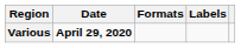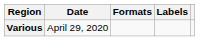 <table class="wikitable plainrowheaders">
 <tr>
 <th scope="col">Region</th>
 <th scope="col">Date</th>
 <th scope="col">Formats</th>
 <th scope="col">Labels</th>
 <th scope="col"></th>
 </tr>
 <tr>
 <th scope="row">Various</th>
-<td><strong>April 29, 2020</strong></td>
+<td>April 29, 2020</td>
 <td></td>
 <td rowspan="3"></td>
 <td></td>
 </tr>
 </table>
